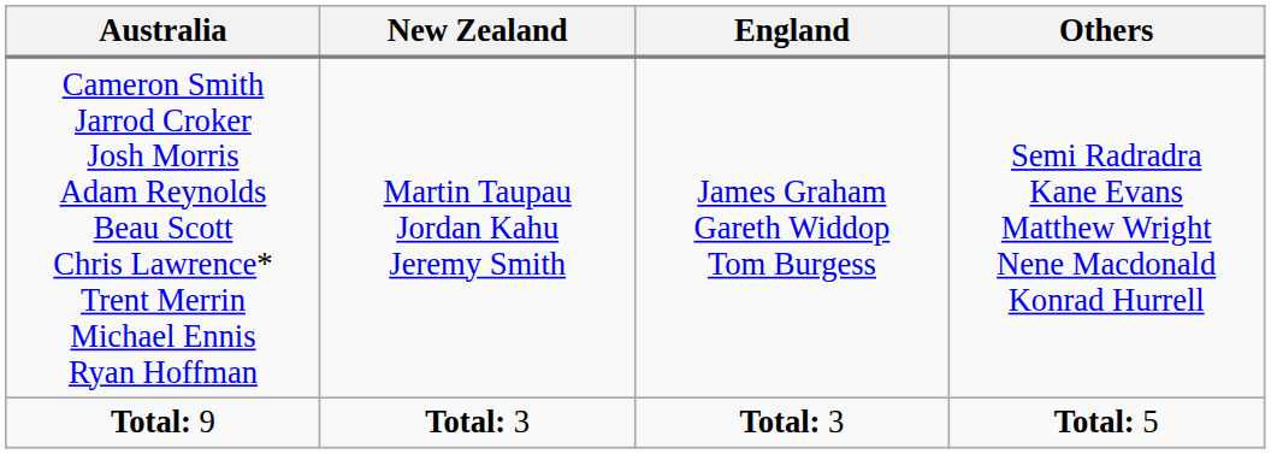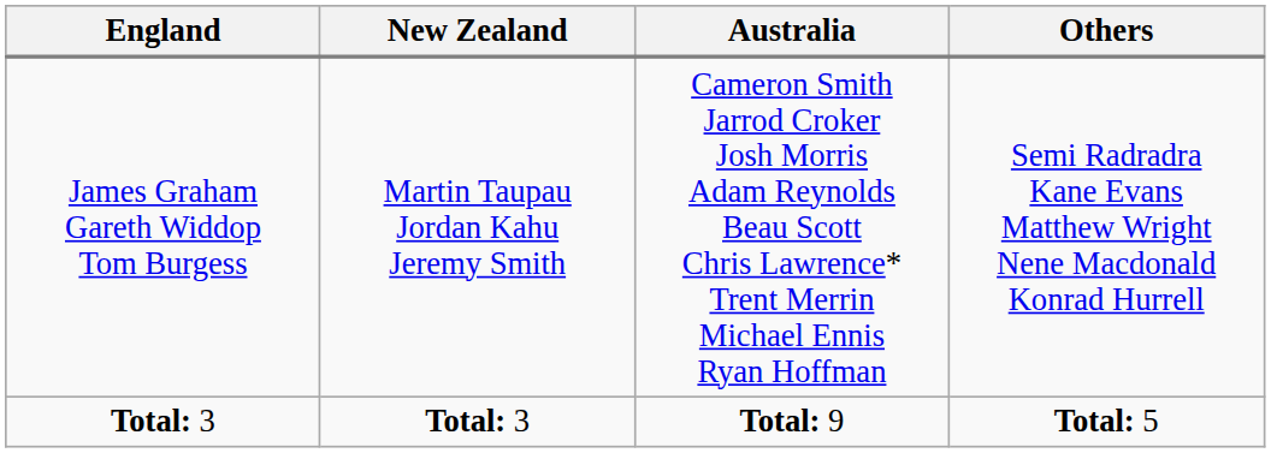 <table class="wikitable">
 <tr>
+<th width="150"> England</th>
+<th width="150"> New Zealand</th>
 <th width="150"> Australia</th>
-<th width="150"> New Zealand</th>
-<th width="150"> England</th>
 <th width="150">Others</th>
 </tr>
 <tr style="border-top:2px solid gray;">
+<td align="center"><a href='#'>James Graham</a><br><a href='#'>Gareth Widdop</a><br><a href='#'>Tom Burgess</a></td>
+<td align="center"><a href='#'>Martin Taupau</a><br><a href='#'>Jordan Kahu</a><br><a href='#'>Jeremy Smith</a></td>
 <td align="center"><a href='#'>Cameron Smith</a><br><a href='#'>Jarrod Croker</a><br><a href='#'>Josh Morris</a><br><a href='#'>Adam Reynolds</a><br><a href='#'>Beau Scott</a><br><a href='#'>Chris Lawrence</a>*<br><a href='#'>Trent Merrin</a><br><a href='#'>Michael Ennis</a><br><a href='#'>Ryan Hoffman</a></td>
-<td align="center"><a href='#'>Martin Taupau</a><br><a href='#'>Jordan Kahu</a><br><a href='#'>Jeremy Smith</a></td>
-<td align="center"><a href='#'>James Graham</a><br><a href='#'>Gareth Widdop</a><br><a href='#'>Tom Burgess</a></td>
 <td align="center"> <a href='#'>Semi Radradra</a><br> <a href='#'>Kane Evans</a><br> <a href='#'>Matthew Wright</a><br> <a href='#'>Nene Macdonald</a><br> <a href='#'>Konrad Hurrell</a></td>
 </tr>
 <tr>
-<td align="center"><strong>Total:</strong> 9</td>
 <td align="center"><strong>Total:</strong> 3</td>
 <td align="center"><strong>Total:</strong> 3</td>
+<td align="center"><strong>Total:</strong> 9</td>
 <td align="center"><strong>Total:</strong> 5</td>
 </tr>
 </table>
